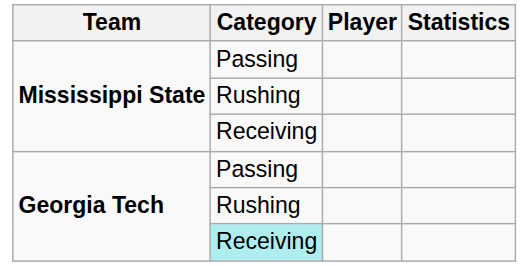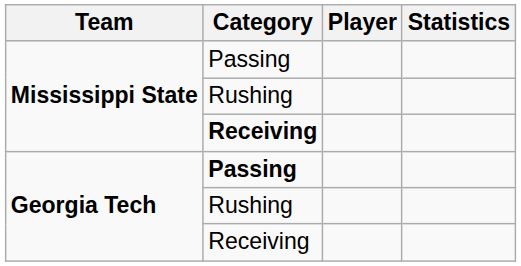 <table class="wikitable" style="float: right;">
 <tr>
 <th>Team</th>
 <th>Category</th>
 <th>Player</th>
 <th>Statistics</th>
 </tr>
 <tr>
 <td rowspan=3><strong>Mississippi State</strong></td>
 <td>Passing</td>
 <td></td>
 <td></td>
 </tr>
 <tr>
 <td>Rushing</td>
 <td></td>
 <td></td>
 </tr>
 <tr>
-<td>Receiving</td>
+<td><strong>Receiving</strong></td>
 <td></td>
 <td></td>
 </tr>
 <tr>
 <td rowspan=3><strong>Georgia Tech</strong></td>
-<td>Passing</td>
+<td><strong>Passing</strong></td>
 <td></td>
 <td></td>
 </tr>
 <tr>
 <td>Rushing</td>
 <td></td>
 <td></td>
 </tr>
 <tr>
-<td style="background: paleturquoise;">Receiving</td>
+<td>Receiving</td>
 <td></td>
 <td></td>
 </tr>
 </table>
